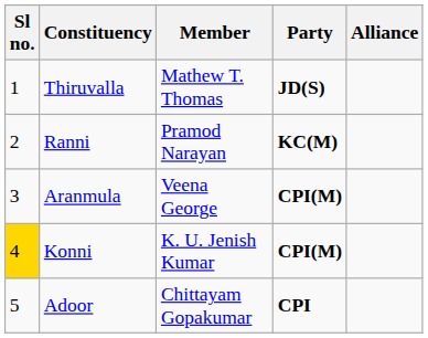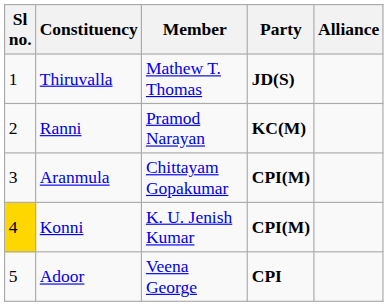 <table class="wikitable sortable" style="font-size:95%;">
 <tr>
 <th width="20px">Sl no.</th>
 <th width="75px">Constituency</th>
 <th width="85px">Member</th>
 <th width="35px">Party</th>
 <th width="35px">Alliance</th>
 </tr>
 <tr>
 <td>1</td>
 <td><a href='#'>Thiruvalla</a></td>
 <td><a href='#'>Mathew T. Thomas</a></td>
 <td style="background:"><strong>JD(S)</strong></td>
 <td></td>
 </tr>
 <tr>
 <td>2</td>
 <td><a href='#'>Ranni</a></td>
 <td><a href='#'>Pramod Narayan</a></td>
 <td style="background:"><strong>KC(M)</strong></td>
 <td></td>
 </tr>
 <tr>
 <td>3</td>
 <td><a href='#'>Aranmula</a></td>
-<td><a href='#'>Veena George</a></td>
+<td><a href='#'>Chittayam Gopakumar</a></td>
 <td style="background:"><strong>CPI(M)</strong></td>
 <td></td>
 </tr>
 <tr>
 <td style="background: gold;">4</td>
 <td><a href='#'>Konni</a></td>
 <td><a href='#'>K. U. Jenish Kumar</a></td>
 <td style="background:"><strong>CPI(M)</strong></td>
 <td></td>
 </tr>
 <tr>
 <td>5</td>
 <td><a href='#'>Adoor</a></td>
-<td><a href='#'>Chittayam Gopakumar</a></td>
+<td><a href='#'>Veena George</a></td>
 <td style="background:"><strong>CPI</strong></td>
 <td></td>
 </tr>
 </table>
